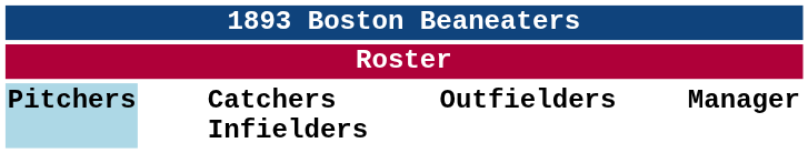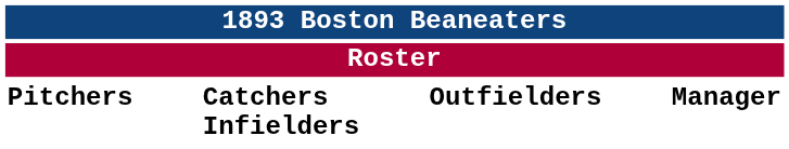 <table class="toccolours" style="font-size: 95%;">
 <tr>
 <th colspan="10" style="background-color: #0f437c; color: white; text-align: center;">1893 Boston Beaneaters</th>
 </tr>
 <tr>
 <td colspan="10" style="background-color: #af0039; color: white; text-align: center;"><strong>Roster</strong></td>
 </tr>
 <tr>
-<td valign="top" style="background: lightblue;"><strong>Pitchers</strong><br>      </td>
+<td valign="top"><strong>Pitchers</strong><br>      </td>
 <td width="25px"></td>
 <td valign="top"><strong>Catchers</strong><br>   <strong>Infielders</strong>    </td>
 <td width="25px"></td>
 <td valign="top"><strong>Outfielders</strong><br>   </td>
 <td width="25px"></td>
 <td valign="top"><strong>Manager</strong><br></td>
 </tr>
 </table>
